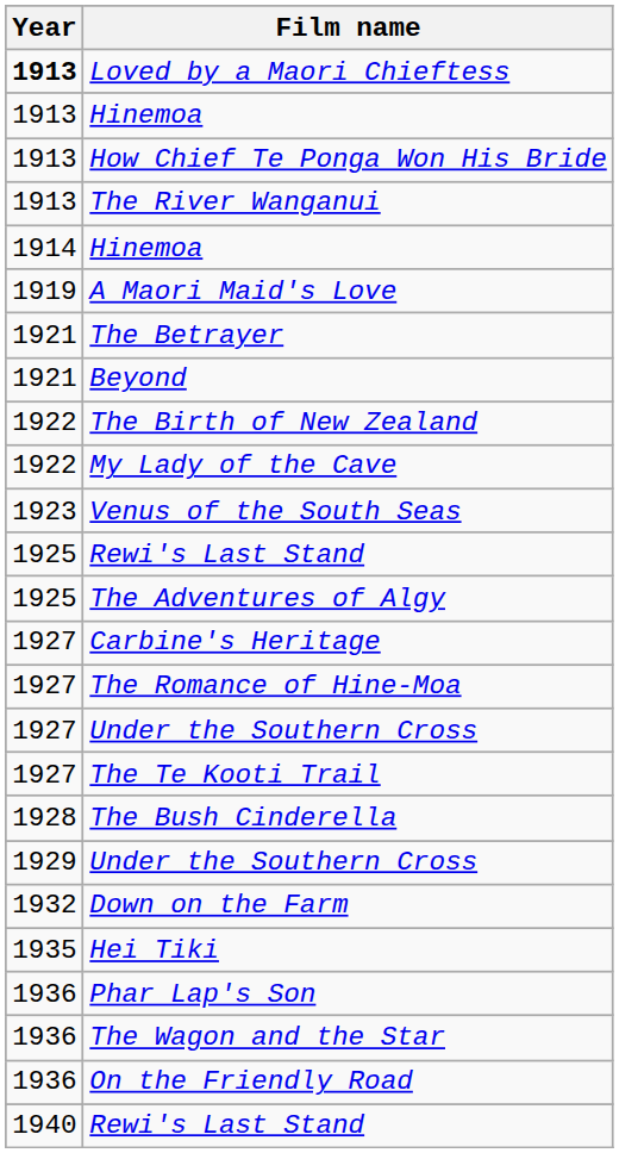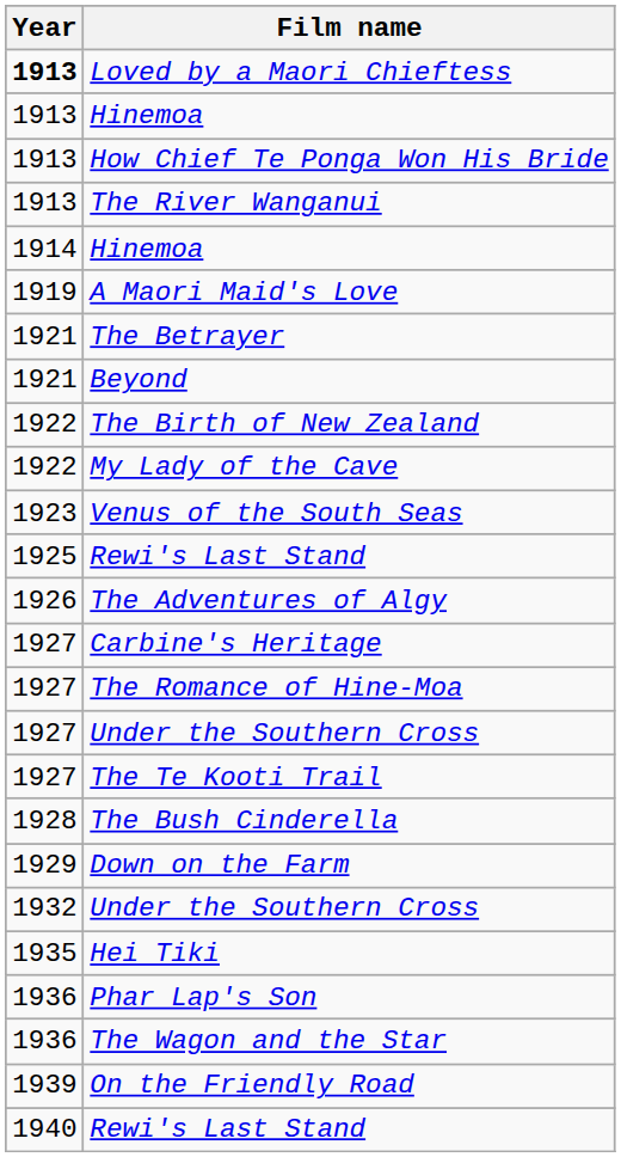 <table class="sortable wikitable">
 <tr>
 <th>Year</th>
 <th>Film name</th>
 </tr>
 <tr>
 <td><strong>1913</strong></td>
 <td><em><a href='#'>Loved by a Maori Chieftess</a></em></td>
 </tr>
 <tr>
 <td>1913</td>
 <td><em><a href='#'>Hinemoa</a></em></td>
 </tr>
 <tr>
 <td>1913</td>
 <td><em><a href='#'>How Chief Te Ponga Won His Bride</a></em></td>
 </tr>
 <tr>
 <td>1913</td>
 <td><em><a href='#'>The River Wanganui</a></em></td>
 </tr>
 <tr>
 <td>1914</td>
 <td><em><a href='#'>Hinemoa</a></em></td>
 </tr>
 <tr>
 <td>1919</td>
 <td><em><a href='#'>A Maori Maid's Love</a></em></td>
 </tr>
 <tr>
 <td>1921</td>
 <td><em><a href='#'>The Betrayer</a></em></td>
 </tr>
 <tr>
 <td>1921</td>
 <td><em><a href='#'>Beyond</a></em></td>
 </tr>
 <tr>
 <td>1922</td>
 <td><em><a href='#'>The Birth of New Zealand</a></em></td>
 </tr>
 <tr>
 <td>1922</td>
 <td><em><a href='#'>My Lady of the Cave</a></em></td>
 </tr>
 <tr>
 <td>1923</td>
 <td><em><a href='#'>Venus of the South Seas</a></em></td>
 </tr>
 <tr>
 <td>1925</td>
 <td><em><a href='#'>Rewi's Last Stand</a></em></td>
 </tr>
 <tr>
-<td>1925</td>
+<td>1926</td>
 <td><em><a href='#'>The Adventures of Algy</a></em></td>
 </tr>
 <tr>
 <td>1927</td>
 <td><em><a href='#'>Carbine's Heritage</a></em></td>
 </tr>
 <tr>
 <td>1927</td>
 <td><em><a href='#'>The Romance of Hine-Moa</a></em></td>
 </tr>
 <tr>
 <td>1927</td>
 <td><em><a href='#'>Under the Southern Cross</a></em></td>
 </tr>
 <tr>
 <td>1927</td>
 <td><em><a href='#'>The Te Kooti Trail</a></em></td>
 </tr>
 <tr>
 <td>1928</td>
 <td><em><a href='#'>The Bush Cinderella</a></em></td>
 </tr>
 <tr>
 <td>1929</td>
-<td><em><a href='#'>Under the Southern Cross</a></em></td>
+<td><em><a href='#'>Down on the Farm</a></em></td>
 </tr>
 <tr>
 <td>1932</td>
-<td><em><a href='#'>Down on the Farm</a></em></td>
+<td><em><a href='#'>Under the Southern Cross</a></em></td>
 </tr>
 <tr>
 <td>1935</td>
 <td><em><a href='#'>Hei Tiki</a></em></td>
 </tr>
 <tr>
 <td>1936</td>
 <td><em><a href='#'>Phar Lap's Son</a></em></td>
 </tr>
 <tr>
 <td>1936</td>
 <td><em><a href='#'>The Wagon and the Star</a></em></td>
 </tr>
 <tr>
-<td>1936</td>
+<td>1939</td>
 <td><em><a href='#'>On the Friendly Road</a></em></td>
 </tr>
 <tr>
 <td>1940</td>
 <td><em><a href='#'>Rewi's Last Stand</a></em></td>
 </tr>
 <tr>
 </tr>
 </table>
